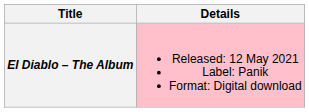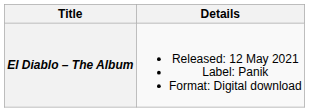 <table class="wikitable plainrowheaders" style="text-align:center;">
 <tr>
 <th scope="col">Title</th>
 <th scope="col">Details</th>
 </tr>
 <tr>
 <th scope="row"><em>El Diablo – The Album</em></th>
-<td style="background: pink;"><br><ul><li>Released: 12 May 2021</li><li>Label: Panik</li><li>Format: Digital download</li></ul></td>
+<td><br><ul><li>Released: 12 May 2021</li><li>Label: Panik</li><li>Format: Digital download</li></ul></td>
 </tr>
 </table>
